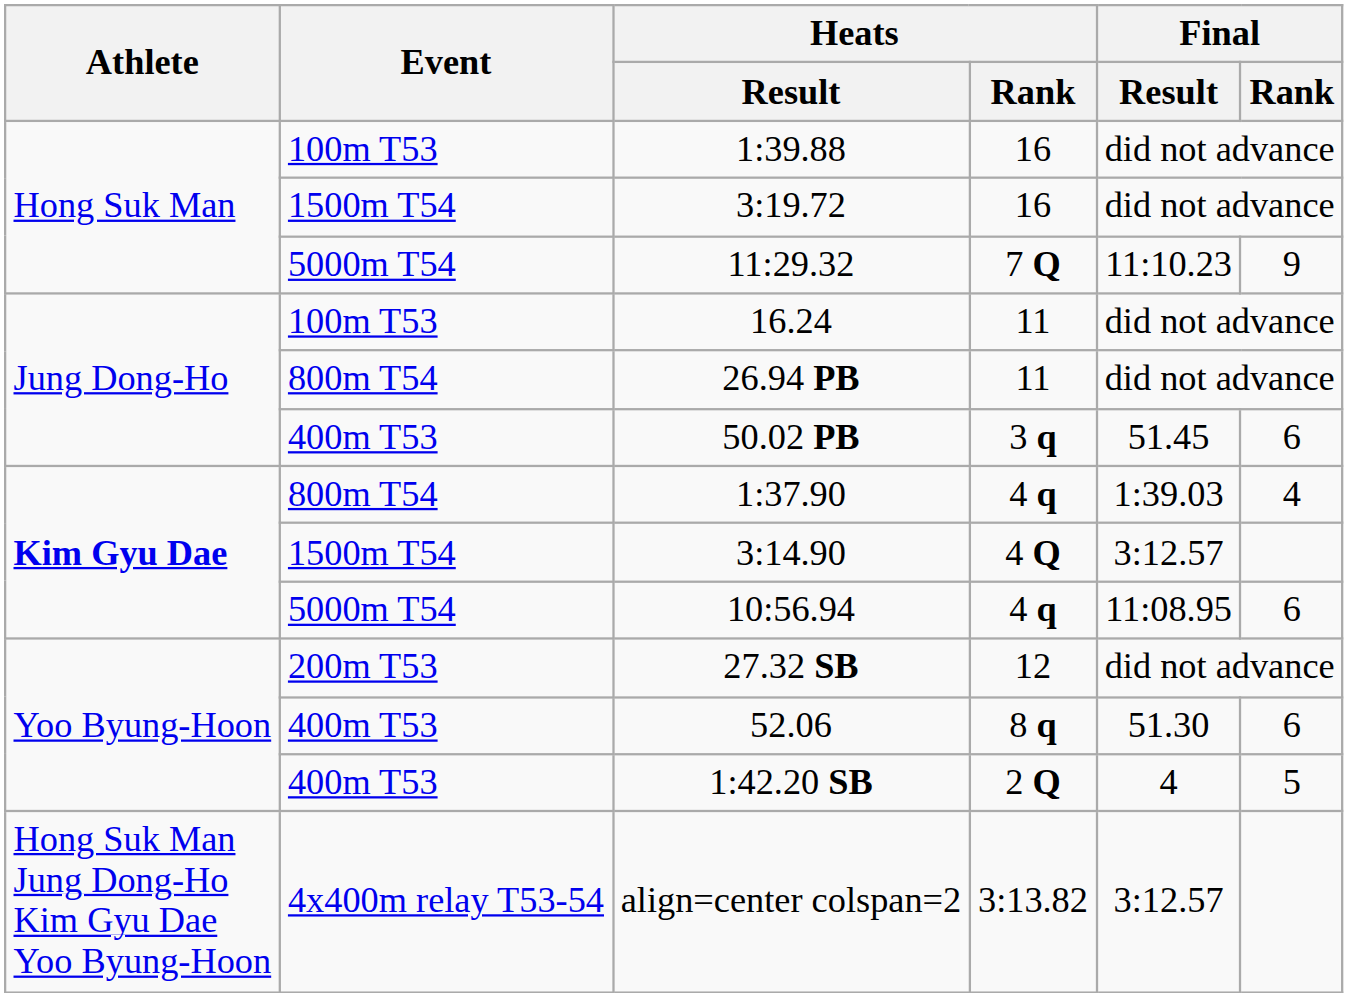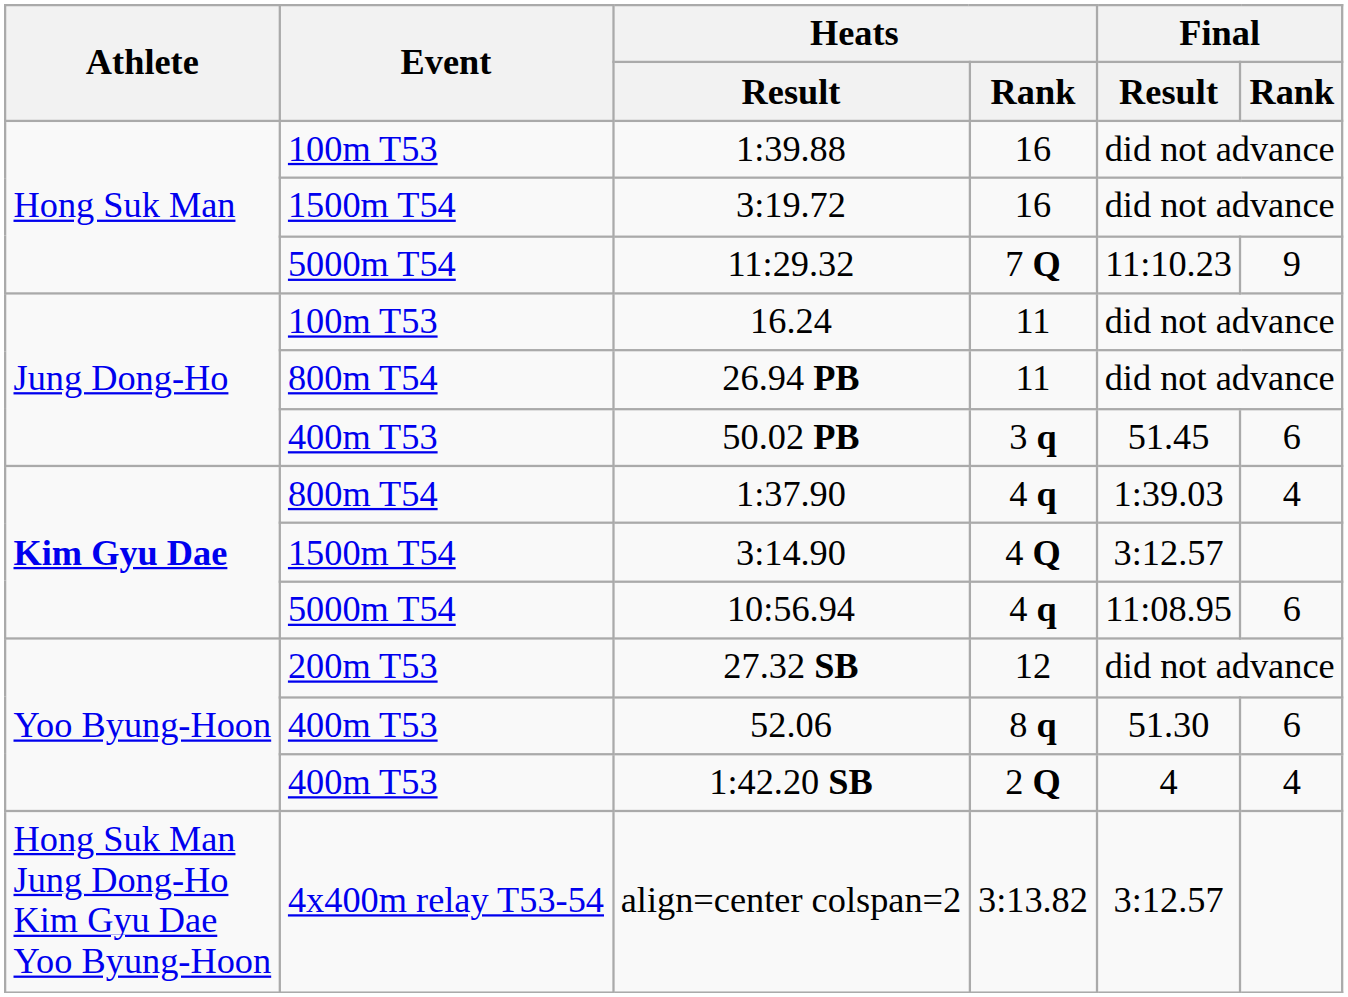 <table class=wikitable>
 <tr>
 <th rowspan="2">Athlete</th>
 <th rowspan="2">Event</th>
 <th colspan="2">Heats</th>
 <th colspan="3">Final</th>
 </tr>
 <tr>
 <th>Result</th>
 <th>Rank</th>
 <th>Result</th>
 <th>Rank</th>
 </tr>
 <tr>
 <td rowspan=3><a href='#'>Hong Suk Man</a></td>
 <td><a href='#'>100m T53</a></td>
 <td align=center>1:39.88</td>
 <td align=center>16</td>
 <td align=center colspan=2>did not advance</td>
 </tr>
 <tr>
 <td><a href='#'>1500m T54</a></td>
 <td align=center>3:19.72</td>
 <td align=center>16</td>
 <td align=center colspan=2>did not advance</td>
 </tr>
 <tr>
 <td><a href='#'>5000m T54</a></td>
 <td align=center>11:29.32</td>
 <td align=center>7 <strong>Q</strong></td>
 <td align=center>11:10.23</td>
 <td align=center>9</td>
 </tr>
 <tr>
 <td rowspan=3><a href='#'>Jung Dong-Ho</a></td>
 <td><a href='#'>100m T53</a></td>
 <td align=center>16.24</td>
 <td align=center>11</td>
 <td align=center colspan=2>did not advance</td>
 </tr>
 <tr>
 <td><a href='#'>800m T54</a></td>
 <td align=center>26.94 <strong>PB</strong></td>
 <td align=center>11</td>
 <td align=center colspan=2>did not advance</td>
 </tr>
 <tr>
 <td><a href='#'>400m T53</a></td>
 <td align=center>50.02 <strong>PB</strong></td>
 <td align=center>3 <strong>q</strong></td>
 <td align=center>51.45</td>
 <td align=center>6</td>
 </tr>
 <tr>
 <td rowspan=3><strong><a href='#'>Kim Gyu Dae</a></strong></td>
 <td><a href='#'>800m T54</a></td>
 <td align=center>1:37.90</td>
 <td align=center>4 <strong>q</strong></td>
 <td align=center>1:39.03</td>
 <td align=center>4</td>
 </tr>
 <tr>
 <td><a href='#'>1500m T54</a></td>
 <td align=center>3:14.90</td>
 <td align=center>4 <strong>Q</strong></td>
 <td align=center>3:12.57</td>
 <td align=center></td>
 </tr>
 <tr>
 <td><a href='#'>5000m T54</a></td>
 <td align=center>10:56.94</td>
 <td align=center>4 <strong>q</strong></td>
 <td align=center>11:08.95</td>
 <td align=center>6</td>
 </tr>
 <tr>
 <td rowspan=3><a href='#'>Yoo Byung-Hoon</a></td>
 <td><a href='#'>200m T53</a></td>
 <td align=center>27.32 <strong>SB</strong></td>
 <td align=center>12</td>
 <td align=center colspan=2>did not advance</td>
 </tr>
 <tr>
 <td><a href='#'>400m T53</a></td>
 <td align=center>52.06</td>
 <td align=center>8 <strong>q</strong></td>
 <td align=center>51.30</td>
 <td align=center>6</td>
 </tr>
 <tr>
 <td><a href='#'>400m T53</a></td>
 <td align=center>1:42.20 <strong>SB</strong></td>
 <td align=center>2 <strong>Q</strong></td>
 <td align=center>4</td>
-<td align=center>5</td>
+<td align=center>4</td>
 </tr>
 <tr>
 <td><a href='#'>Hong Suk Man</a><br> <a href='#'>Jung Dong-Ho</a><br> <a href='#'>Kim Gyu Dae</a><br> <a href='#'>Yoo Byung-Hoon</a></td>
 <td><a href='#'>4x400m relay T53-54</a></td>
 <td>align=center colspan=2 </td>
 <td align=center>3:13.82</td>
 <td align=center>3:12.57</td>
 </tr>
 </table>
